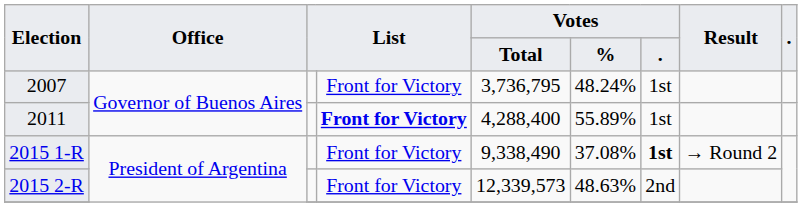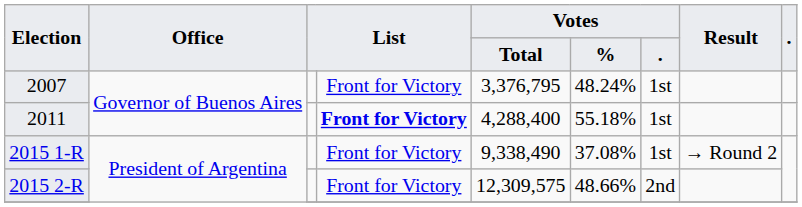 <table class="wikitable" style="font-size:90%; text-align:center;">
 <tr>
 <th style="background-color:#EAECF0;" rowspan=2>Election</th>
 <th style="background-color:#EAECF0;" rowspan=2>Office</th>
 <th style="background-color:#EAECF0;" colspan=2 rowspan=2>List</th>
 <th style="background-color:#EAECF0;" colspan=3>Votes</th>
 <th style="background-color:#EAECF0;" rowspan=2>Result</th>
 <th style="background-color:#EAECF0;" rowspan=2>.</th>
 </tr>
 <tr>
 <th style="background-color:#EAECF0;">Total</th>
 <th style="background-color:#EAECF0;">%</th>
 <th style="background-color:#EAECF0;">.</th>
 </tr>
 <tr>
 <td style="background-color:#EAECF0;">2007</td>
 <td rowspan="2"><a href='#'>Governor of Buenos Aires</a></td>
 <td style="background-color:"></td>
 <td><a href='#'>Front for Victory</a></td>
-<td>3,736,795</td>
+<td>3,376,795</td>
 <td>48.24%</td>
 <td>1st</td>
 <td></td>
 <td></td>
 </tr>
 <tr>
 <td style="background-color:#EAECF0;">2011</td>
 <td style="background-color:"></td>
 <td><strong><a href='#'>Front for Victory</a></strong></td>
 <td>4,288,400</td>
-<td>55.89%</td>
+<td>55.18%</td>
 <td>1st</td>
 <td></td>
 <td></td>
 </tr>
 <tr>
 <td style="background-color:#EAECF0;"><a href='#'>2015 1-R</a></td>
 <td rowspan="3"><a href='#'>President of Argentina</a></td>
 <td style="background-color:"></td>
 <td><a href='#'>Front for Victory</a></td>
 <td>9,338,490</td>
 <td>37.08%</td>
-<td><strong>1st</strong></td>
+<td>1st</td>
 <td>→ Round 2</td>
 <td rowspan="2"></td>
 </tr>
 <tr>
 <td style="background-color:#EAECF0;"><a href='#'>2015 2-R</a></td>
 <td style="background-color:"></td>
 <td><a href='#'>Front for Victory</a></td>
-<td>12,339,573</td>
-<td>48.63%</td>
+<td>12,309,575</td>
+<td>48.66%</td>
 <td>2nd</td>
 <td></td>
 </tr>
 <tr>
 </tr>
 </table>
